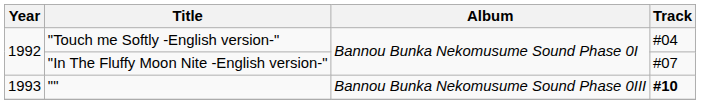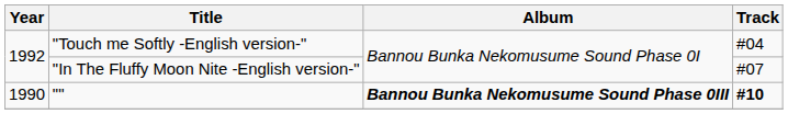 <table class="wikitable">
 <tr>
 <th>Year</th>
 <th>Title</th>
 <th>Album</th>
 <th>Track</th>
 </tr>
 <tr>
 <td rowspan="2">1992</td>
 <td>"Touch me Softly -English version-"</td>
 <td rowspan="2"><em>Bannou Bunka Nekomusume Sound Phase 0I</em></td>
 <td>#04</td>
 </tr>
 <tr>
 <td>"In The Fluffy Moon Nite -English version-"</td>
 <td>#07</td>
 </tr>
 <tr>
-<td>1993</td>
+<td>1990</td>
 <td>""</td>
-<td><em>Bannou Bunka Nekomusume Sound Phase 0III</em></td>
+<td><strong><em>Bannou Bunka Nekomusume Sound Phase 0III</em></strong></td>
 <td><strong>#10</strong></td>
 </tr>
 <tr>
 </tr>
 </table>
